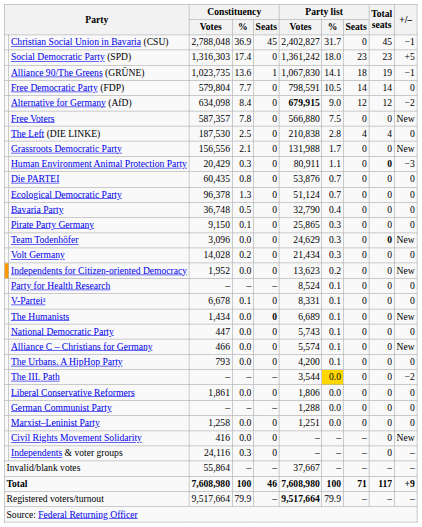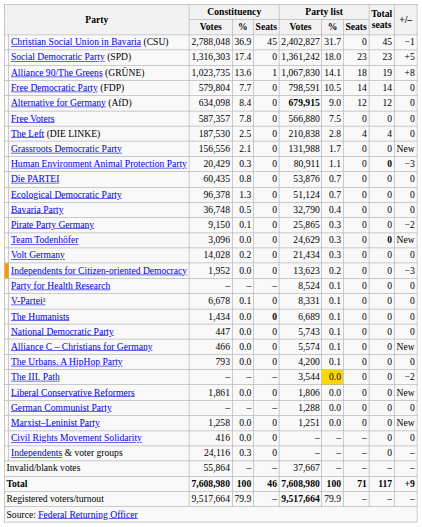 <table class="wikitable" style="text-align:right">
 <tr>
 <th colspan="2" rowspan="2">Party</th>
 <th colspan="3">Constituency</th>
 <th colspan="3">Party list</th>
 <th rowspan="2">Total<br>seats</th>
 <th rowspan="2">+/–</th>
 </tr>
 <tr>
 <th>Votes</th>
 <th>%</th>
 <th>Seats</th>
 <th>Votes</th>
 <th>%</th>
 <th>Seats</th>
 </tr>
 <tr>
 <td></td>
 <td align="left"><a href='#'>Christian Social Union in Bavaria</a> (CSU)</td>
 <td>2,788,048</td>
 <td>36.9</td>
 <td>45</td>
 <td>2,402,827</td>
 <td>31.7</td>
 <td>0</td>
 <td>45</td>
 <td>−1</td>
 </tr>
 <tr>
 <td></td>
 <td align="left"><a href='#'>Social Democratic Party</a> (SPD)</td>
 <td>1,316,303</td>
 <td>17.4</td>
 <td>0</td>
 <td>1,361,242</td>
 <td>18.0</td>
 <td>23</td>
 <td>23</td>
 <td>+5</td>
 </tr>
 <tr>
 <td></td>
 <td align="left"><a href='#'>Alliance 90/The Greens</a> (GRÜNE)</td>
 <td>1,023,735</td>
 <td>13.6</td>
 <td>1</td>
 <td>1,067,830</td>
 <td>14.1</td>
 <td>18</td>
 <td>19</td>
-<td>−1</td>
+<td>+8</td>
 </tr>
 <tr>
 <td></td>
 <td align="left"><a href='#'>Free Democratic Party</a> (FDP)</td>
 <td>579,804</td>
 <td>7.7</td>
 <td>0</td>
 <td>798,591</td>
 <td>10.5</td>
 <td>14</td>
 <td>14</td>
 <td>0</td>
 </tr>
 <tr>
 <td></td>
 <td align="left"><a href='#'>Alternative for Germany</a> (AfD)</td>
 <td>634,098</td>
 <td>8.4</td>
 <td>0</td>
 <td><strong>679,915</strong></td>
 <td>9.0</td>
 <td>12</td>
 <td>12</td>
-<td>−2</td>
+<td>0</td>
 </tr>
 <tr>
 <td style="background-color:"></td>
 <td align="left"><a href='#'>Free Voters</a></td>
 <td>587,357</td>
 <td>7.8</td>
 <td>0</td>
 <td>566,880</td>
 <td>7.5</td>
 <td>0</td>
 <td>0</td>
-<td>New</td>
+<td>0</td>
 </tr>
 <tr>
 <td></td>
 <td align="left"><a href='#'>The Left</a> (DIE LINKE)</td>
 <td>187,530</td>
 <td>2.5</td>
 <td>0</td>
 <td>210,838</td>
 <td>2.8</td>
 <td>4</td>
 <td>4</td>
 <td>0</td>
 </tr>
 <tr>
 <td style="background-color:"></td>
 <td align="left"><a href='#'>Grassroots Democratic Party</a></td>
 <td>156,556</td>
 <td>2.1</td>
 <td>0</td>
 <td>131,988</td>
 <td>1.7</td>
 <td>0</td>
 <td>0</td>
 <td>New</td>
 </tr>
 <tr>
 <td style="background-color:"></td>
 <td align="left"><a href='#'>Human Environment Animal Protection Party</a></td>
 <td>20,429</td>
 <td>0.3</td>
 <td>0</td>
 <td>80,911</td>
 <td>1.1</td>
 <td>0</td>
 <td><strong>0</strong></td>
 <td>−3</td>
 </tr>
 <tr>
 <td style="background-color:"></td>
 <td align="left"><a href='#'>Die PARTEI</a></td>
 <td>60,435</td>
 <td>0.8</td>
 <td>0</td>
 <td>53,876</td>
 <td>0.7</td>
 <td>0</td>
 <td>0</td>
 <td>0</td>
 </tr>
 <tr>
 <td style="background-color:"></td>
 <td align="left"><a href='#'>Ecological Democratic Party</a></td>
 <td>96,378</td>
 <td>1.3</td>
 <td>0</td>
 <td>51,124</td>
 <td>0.7</td>
 <td>0</td>
 <td>0</td>
 <td>0</td>
 </tr>
 <tr>
 <td style="background-color:"></td>
 <td align="left"><a href='#'>Bavaria Party</a></td>
 <td>36,748</td>
 <td>0.5</td>
 <td>0</td>
 <td>32,790</td>
 <td>0.4</td>
 <td>0</td>
 <td>0</td>
 <td>0</td>
 </tr>
 <tr>
 <td style="background-color:"></td>
 <td align="left"><a href='#'>Pirate Party Germany</a></td>
 <td>9,150</td>
 <td>0.1</td>
 <td>0</td>
 <td>25,865</td>
 <td>0.3</td>
 <td>0</td>
 <td>0</td>
-<td>0</td>
+<td>−2</td>
 </tr>
 <tr>
 <td style="background-color:"></td>
 <td align="left"><a href='#'>Team Todenhöfer</a></td>
 <td>3,096</td>
 <td>0.0</td>
 <td>0</td>
 <td>24,629</td>
 <td>0.3</td>
 <td>0</td>
 <td><strong>0</strong></td>
 <td>New</td>
 </tr>
 <tr>
 <td style="background-color:"></td>
 <td align="left"><a href='#'>Volt Germany</a></td>
 <td>14,028</td>
 <td>0.2</td>
 <td>0</td>
 <td>21,434</td>
 <td>0.3</td>
 <td>0</td>
 <td>0</td>
 <td>0</td>
 </tr>
 <tr>
 <td style="background-color:#FF9900"></td>
 <td align="left"><a href='#'>Independents for Citizen-oriented Democracy</a></td>
 <td>1,952</td>
 <td>0.0</td>
 <td>0</td>
 <td>13,623</td>
 <td>0.2</td>
 <td>0</td>
 <td>0</td>
-<td>New</td>
+<td>−3</td>
 </tr>
 <tr>
 <td style="background-color:"></td>
 <td align="left"><a href='#'>Party for Health Research</a></td>
 <td>–</td>
 <td>–</td>
 <td>–</td>
 <td>8,524</td>
 <td>0.1</td>
 <td>0</td>
 <td>0</td>
 <td>0</td>
 </tr>
 <tr>
 <td style="background-color:"></td>
 <td align="left"><a href='#'>V-Partei³</a></td>
 <td>6,678</td>
 <td>0.1</td>
 <td>0</td>
 <td>8,331</td>
 <td>0.1</td>
 <td>0</td>
 <td>0</td>
 <td>0</td>
 </tr>
 <tr>
 <td style="background-color:"></td>
 <td align="left"><a href='#'>The Humanists</a></td>
 <td>1,434</td>
 <td>0.0</td>
 <td><strong>0</strong></td>
 <td>6,689</td>
 <td>0.1</td>
 <td>0</td>
 <td>0</td>
-<td>New</td>
+<td>0</td>
 </tr>
 <tr>
 <td style="background-color:"></td>
 <td align="left"><a href='#'>National Democratic Party</a></td>
 <td>447</td>
 <td>0.0</td>
 <td>0</td>
 <td>5,743</td>
 <td>0.1</td>
 <td>0</td>
 <td>0</td>
 <td>0</td>
 </tr>
 <tr>
 <td style="background-color:"></td>
 <td align="left"><a href='#'>Alliance C – Christians for Germany</a></td>
 <td>466</td>
 <td>0.0</td>
 <td>0</td>
 <td>5,574</td>
 <td>0.1</td>
 <td>0</td>
 <td>0</td>
 <td>New</td>
 </tr>
 <tr>
 <td style="background-color:"></td>
 <td align="left"><a href='#'>The Urbans. A HipHop Party</a></td>
 <td>793</td>
 <td>0.0</td>
 <td>0</td>
 <td>4,200</td>
 <td>0.1</td>
 <td>0</td>
 <td>0</td>
 <td>0</td>
 </tr>
 <tr>
 <td style="background-color:"></td>
 <td align="left"><a href='#'>The III. Path</a></td>
 <td>–</td>
 <td>–</td>
 <td>–</td>
 <td>3,544</td>
 <td style="background: gold;">0.0</td>
 <td>0</td>
 <td>0</td>
 <td>−2</td>
 </tr>
 <tr>
 <td style="background-color:"></td>
 <td align="left"><a href='#'>Liberal Conservative Reformers</a></td>
 <td>1,861</td>
 <td>0.0</td>
 <td>0</td>
 <td>1,806</td>
 <td>0.0</td>
 <td>0</td>
 <td>0</td>
-<td>0</td>
+<td>New</td>
 </tr>
 <tr>
 <td style="background-color:"></td>
 <td align="left"><a href='#'>German Communist Party</a></td>
 <td>–</td>
 <td>–</td>
 <td>–</td>
 <td>1,288</td>
 <td>0.0</td>
 <td>0</td>
 <td>0</td>
 <td>0</td>
 </tr>
 <tr>
 <td style="background-color:"></td>
 <td align="left"><a href='#'>Marxist–Leninist Party</a></td>
 <td>1,258</td>
 <td>0.0</td>
 <td>0</td>
 <td>1,251</td>
 <td>0.0</td>
 <td>0</td>
 <td>0</td>
-<td>0</td>
+<td>New</td>
 </tr>
 <tr>
 <td style="background-color:"></td>
 <td align="left"><a href='#'>Civil Rights Movement Solidarity</a></td>
 <td>416</td>
 <td>0.0</td>
 <td>0</td>
 <td>–</td>
 <td>–</td>
 <td>–</td>
 <td>0</td>
-<td>New</td>
+<td>0</td>
 </tr>
 <tr>
 <td style="background-color:"></td>
 <td align="left"><a href='#'>Independents</a> & voter groups</td>
 <td>24,116</td>
 <td>0.3</td>
 <td>0</td>
 <td>–</td>
 <td>–</td>
 <td>–</td>
 <td>0</td>
 <td>–</td>
 </tr>
 <tr>
 <td colspan="2" align="left">Invalid/blank votes</td>
 <td>55,864</td>
 <td>–</td>
 <td>–</td>
 <td>37,667</td>
 <td>–</td>
 <td>–</td>
 <td>–</td>
 <td>–</td>
 </tr>
 <tr>
 <td colspan="2" align="left"><strong>Total</strong></td>
 <td><strong>7,608,980</strong></td>
 <td><strong>100</strong></td>
 <td><strong>46</strong></td>
 <td><strong>7,608,980</strong></td>
 <td><strong>100</strong></td>
 <td><strong>71</strong></td>
 <td><strong>117</strong></td>
 <td><strong>+9</strong></td>
 </tr>
 <tr>
 <td colspan="2" align="left">Registered voters/turnout</td>
 <td>9,517,664</td>
 <td>79.9</td>
 <td>–</td>
 <td><strong>9,517,664</strong></td>
 <td>79.9</td>
 <td>–</td>
 <td>–</td>
 <td>–</td>
 </tr>
 <tr>
 <td colspan="10" align="left">Source: <a href='#'>Federal Returning Officer</a></td>
 </tr>
 </table>
